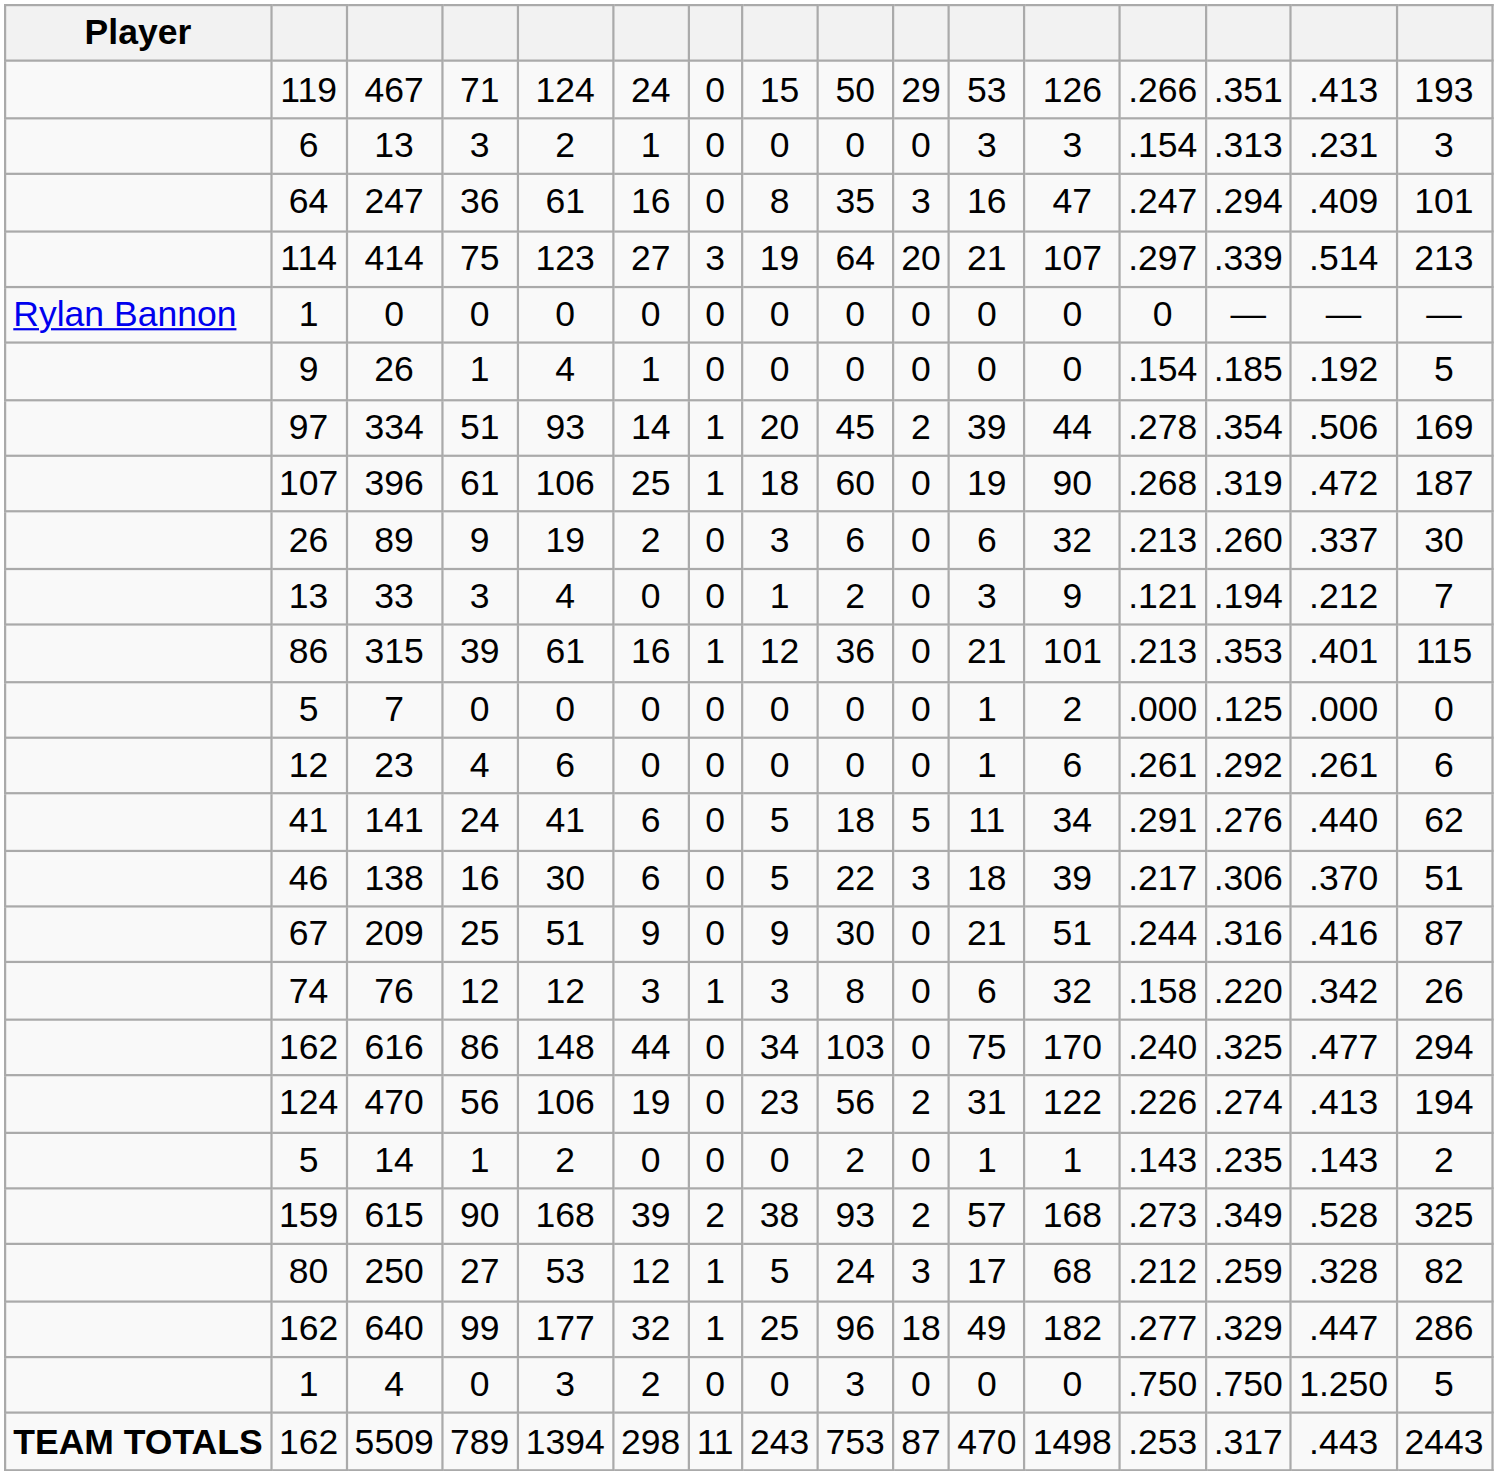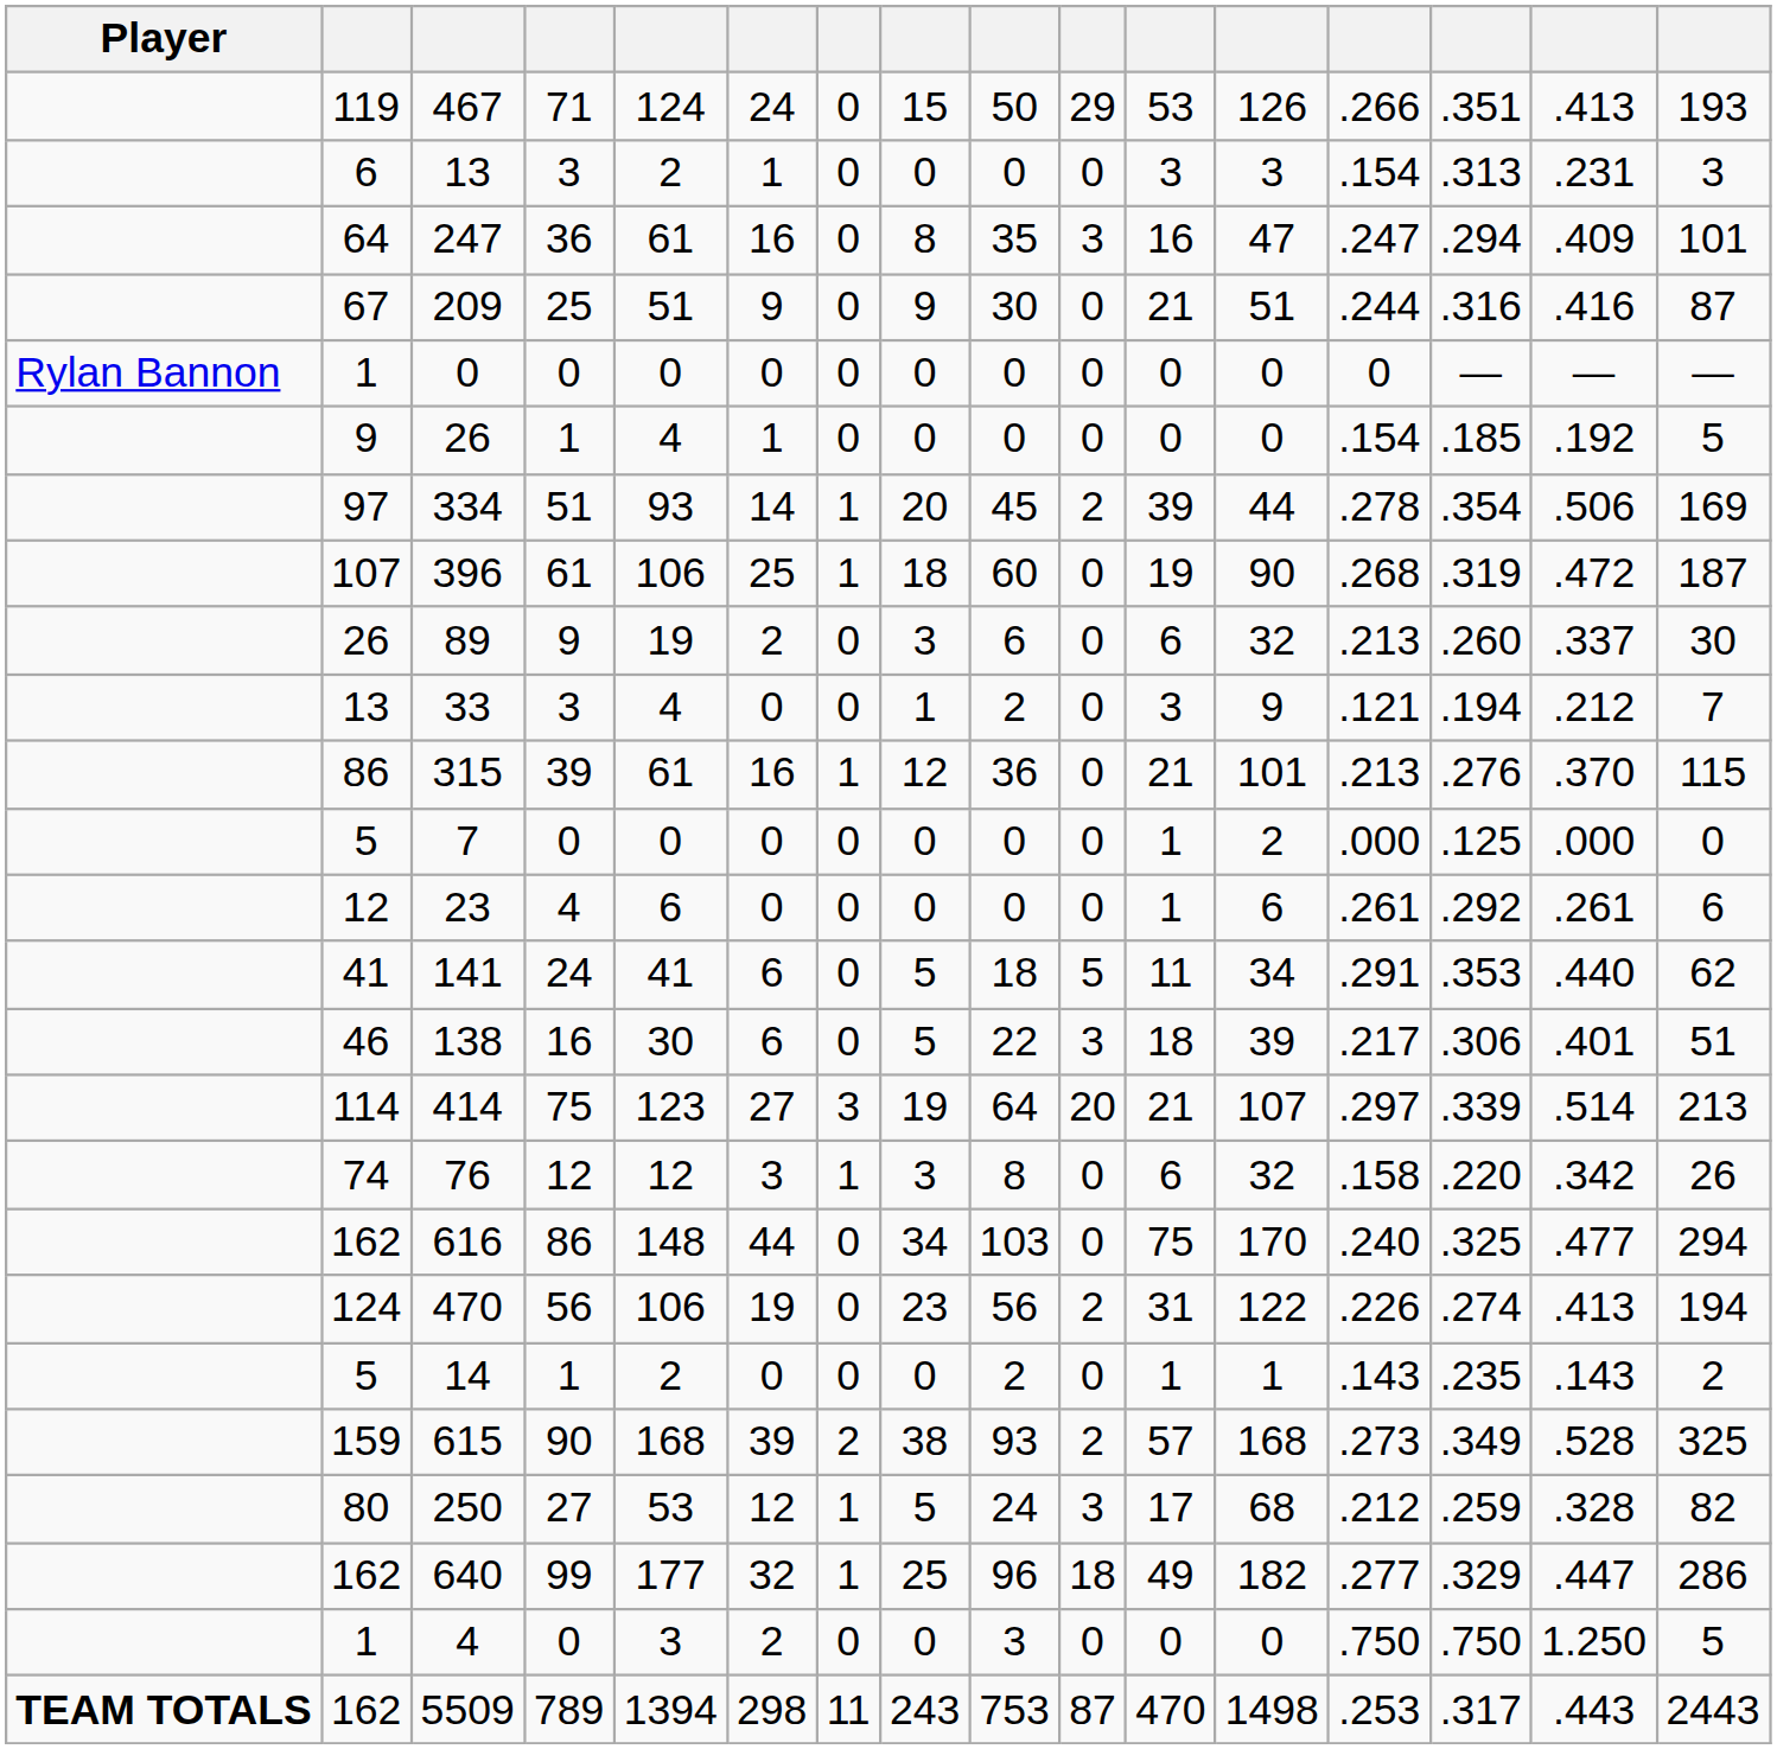 <table class="wikitable sortable" style="text-align:center;">
 <tr>
 <th>Player</th>
 <th></th>
 <th></th>
 <th></th>
 <th></th>
 <th></th>
 <th></th>
 <th></th>
 <th></th>
 <th></th>
 <th></th>
 <th></th>
 <th></th>
 <th></th>
 <th></th>
 <th></th>
 </tr>
 <tr>
 <td align=left><strong></strong></td>
 <td>119</td>
 <td>467</td>
 <td>71</td>
 <td>124</td>
 <td>24</td>
 <td>0</td>
 <td>15</td>
 <td>50</td>
 <td>29</td>
 <td>53</td>
 <td>126</td>
 <td>.266</td>
 <td>.351</td>
 <td>.413</td>
 <td>193</td>
 </tr>
 <tr>
 <td align=left></td>
 <td>6</td>
 <td>13</td>
 <td>3</td>
 <td>2</td>
 <td>1</td>
 <td>0</td>
 <td>0</td>
 <td>0</td>
 <td>0</td>
 <td>3</td>
 <td>3</td>
 <td>.154</td>
 <td>.313</td>
 <td>.231</td>
 <td>3</td>
 </tr>
 <tr>
 <td align="left"></td>
 <td>64</td>
 <td>247</td>
 <td>36</td>
 <td>61</td>
 <td>16</td>
 <td>0</td>
 <td>8</td>
 <td>35</td>
 <td>3</td>
 <td>16</td>
 <td>47</td>
 <td>.247</td>
 <td>.294</td>
 <td>.409</td>
 <td>101</td>
 </tr>
 <tr>
 <td align="left"><strong></strong></td>
-<td>114</td>
-<td>414</td>
-<td>75</td>
-<td>123</td>
-<td>27</td>
-<td>3</td>
-<td>19</td>
-<td>64</td>
-<td>20</td>
+<td>67</td>
+<td>209</td>
+<td>25</td>
+<td>51</td>
+<td>9</td>
+<td>0</td>
+<td>9</td>
+<td>30</td>
+<td>0</td>
 <td>21</td>
-<td>107</td>
-<td>.297</td>
-<td>.339</td>
-<td>.514</td>
-<td>213</td>
+<td>51</td>
+<td>.244</td>
+<td>.316</td>
+<td>.416</td>
+<td>87</td>
 </tr>
 <tr>
 <td align=left><a href='#'>Rylan Bannon</a></td>
 <td>1</td>
 <td>0</td>
 <td>0</td>
 <td>0</td>
 <td>0</td>
 <td>0</td>
 <td>0</td>
 <td>0</td>
 <td>0</td>
 <td>0</td>
 <td>0</td>
 <td>0</td>
 <td>—</td>
 <td>—</td>
 <td>—</td>
 </tr>
 <tr>
 <td align="left"></td>
 <td>9</td>
 <td>26</td>
 <td>1</td>
 <td>4</td>
 <td>1</td>
 <td>0</td>
 <td>0</td>
 <td>0</td>
 <td>0</td>
 <td>0</td>
 <td>0</td>
 <td>.154</td>
 <td>.185</td>
 <td>.192</td>
 <td>5</td>
 </tr>
 <tr>
 <td align="left"><strong></strong></td>
 <td>97</td>
 <td>334</td>
 <td>51</td>
 <td>93</td>
 <td>14</td>
 <td>1</td>
 <td>20</td>
 <td>45</td>
 <td>2</td>
 <td>39</td>
 <td>44</td>
 <td>.278</td>
 <td>.354</td>
 <td>.506</td>
 <td>169</td>
 </tr>
 <tr>
 <td align="left"><strong></strong></td>
 <td>107</td>
 <td>396</td>
 <td>61</td>
 <td>106</td>
 <td>25</td>
 <td>1</td>
 <td>18</td>
 <td>60</td>
 <td>0</td>
 <td>19</td>
 <td>90</td>
 <td>.268</td>
 <td>.319</td>
 <td>.472</td>
 <td>187</td>
 </tr>
 <tr>
 <td align=left></td>
 <td>26</td>
 <td>89</td>
 <td>9</td>
 <td>19</td>
 <td>2</td>
 <td>0</td>
 <td>3</td>
 <td>6</td>
 <td>0</td>
 <td>6</td>
 <td>32</td>
 <td>.213</td>
 <td>.260</td>
 <td>.337</td>
 <td>30</td>
 </tr>
 <tr>
 <td align=left></td>
 <td>13</td>
 <td>33</td>
 <td>3</td>
 <td>4</td>
 <td>0</td>
 <td>0</td>
 <td>1</td>
 <td>2</td>
 <td>0</td>
 <td>3</td>
 <td>9</td>
 <td>.121</td>
 <td>.194</td>
 <td>.212</td>
 <td>7</td>
 </tr>
 <tr>
 <td align=left><strong></strong></td>
 <td>86</td>
 <td>315</td>
 <td>39</td>
 <td>61</td>
 <td>16</td>
 <td>1</td>
 <td>12</td>
 <td>36</td>
 <td>0</td>
 <td>21</td>
 <td>101</td>
 <td>.213</td>
-<td>.353</td>
-<td>.401</td>
+<td>.276</td>
+<td>.370</td>
 <td>115</td>
 </tr>
 <tr>
 <td align=left></td>
 <td>5</td>
 <td>7</td>
 <td>0</td>
 <td>0</td>
 <td>0</td>
 <td>0</td>
 <td>0</td>
 <td>0</td>
 <td>0</td>
 <td>1</td>
 <td>2</td>
 <td>.000</td>
 <td>.125</td>
 <td>.000</td>
 <td>0</td>
 </tr>
 <tr>
 <td align=left></td>
 <td>12</td>
 <td>23</td>
 <td>4</td>
 <td>6</td>
 <td>0</td>
 <td>0</td>
 <td>0</td>
 <td>0</td>
 <td>0</td>
 <td>1</td>
 <td>6</td>
 <td>.261</td>
 <td>.292</td>
 <td>.261</td>
 <td>6</td>
 </tr>
 <tr>
 <td align=left><strong></strong></td>
 <td>41</td>
 <td>141</td>
 <td>24</td>
 <td>41</td>
 <td>6</td>
 <td>0</td>
 <td>5</td>
 <td>18</td>
 <td>5</td>
 <td>11</td>
 <td>34</td>
 <td>.291</td>
-<td>.276</td>
+<td>.353</td>
 <td>.440</td>
 <td>62</td>
 </tr>
 <tr>
 <td align=left><strong></strong></td>
 <td>46</td>
 <td>138</td>
 <td>16</td>
 <td>30</td>
 <td>6</td>
 <td>0</td>
 <td>5</td>
 <td>22</td>
 <td>3</td>
 <td>18</td>
 <td>39</td>
 <td>.217</td>
 <td>.306</td>
-<td>.370</td>
+<td>.401</td>
 <td>51</td>
 </tr>
 <tr>
 <td align="left"><strong></strong></td>
-<td>67</td>
-<td>209</td>
-<td>25</td>
-<td>51</td>
-<td>9</td>
-<td>0</td>
-<td>9</td>
-<td>30</td>
-<td>0</td>
+<td>114</td>
+<td>414</td>
+<td>75</td>
+<td>123</td>
+<td>27</td>
+<td>3</td>
+<td>19</td>
+<td>64</td>
+<td>20</td>
 <td>21</td>
-<td>51</td>
-<td>.244</td>
-<td>.316</td>
-<td>.416</td>
-<td>87</td>
+<td>107</td>
+<td>.297</td>
+<td>.339</td>
+<td>.514</td>
+<td>213</td>
 </tr>
 <tr>
 <td align="left"><strong></strong></td>
 <td>74</td>
 <td>76</td>
 <td>12</td>
 <td>12</td>
 <td>3</td>
 <td>1</td>
 <td>3</td>
 <td>8</td>
 <td>0</td>
 <td>6</td>
 <td>32</td>
 <td>.158</td>
 <td>.220</td>
 <td>.342</td>
 <td>26</td>
 </tr>
 <tr>
 <td align="left"><strong></strong></td>
 <td>162</td>
 <td>616</td>
 <td>86</td>
 <td>148</td>
 <td>44</td>
 <td>0</td>
 <td>34</td>
 <td>103</td>
 <td>0</td>
 <td>75</td>
 <td>170</td>
 <td>.240</td>
 <td>.325</td>
 <td>.477</td>
 <td>294</td>
 </tr>
 <tr>
 <td align="left"><strong></strong></td>
 <td>124</td>
 <td>470</td>
 <td>56</td>
 <td>106</td>
 <td>19</td>
 <td>0</td>
 <td>23</td>
 <td>56</td>
 <td>2</td>
 <td>31</td>
 <td>122</td>
 <td>.226</td>
 <td>.274</td>
 <td>.413</td>
 <td>194</td>
 </tr>
 <tr>
 <td align=left></td>
 <td>5</td>
 <td>14</td>
 <td>1</td>
 <td>2</td>
 <td>0</td>
 <td>0</td>
 <td>0</td>
 <td>2</td>
 <td>0</td>
 <td>1</td>
 <td>1</td>
 <td>.143</td>
 <td>.235</td>
 <td>.143</td>
 <td>2</td>
 </tr>
 <tr>
 <td align=left><strong></strong></td>
 <td>159</td>
 <td>615</td>
 <td>90</td>
 <td>168</td>
 <td>39</td>
 <td>2</td>
 <td>38</td>
 <td>93</td>
 <td>2</td>
 <td>57</td>
 <td>168</td>
 <td>.273</td>
 <td>.349</td>
 <td>.528</td>
 <td>325</td>
 </tr>
 <tr>
 <td align=left><strong></strong></td>
 <td>80</td>
 <td>250</td>
 <td>27</td>
 <td>53</td>
 <td>12</td>
 <td>1</td>
 <td>5</td>
 <td>24</td>
 <td>3</td>
 <td>17</td>
 <td>68</td>
 <td>.212</td>
 <td>.259</td>
 <td>.328</td>
 <td>82</td>
 </tr>
 <tr>
 <td align=left><strong></strong></td>
 <td>162</td>
 <td>640</td>
 <td>99</td>
 <td>177</td>
 <td>32</td>
 <td>1</td>
 <td>25</td>
 <td>96</td>
 <td>18</td>
 <td>49</td>
 <td>182</td>
 <td>.277</td>
 <td>.329</td>
 <td>.447</td>
 <td>286</td>
 </tr>
 <tr>
 <td align=left></td>
 <td>1</td>
 <td>4</td>
 <td>0</td>
 <td>3</td>
 <td>2</td>
 <td>0</td>
 <td>0</td>
 <td>3</td>
 <td>0</td>
 <td>0</td>
 <td>0</td>
 <td>.750</td>
 <td>.750</td>
 <td>1.250</td>
 <td>5</td>
 </tr>
 <tr class="sortbottom">
 <td align="left"><strong>TEAM TOTALS</strong></td>
 <td>162</td>
 <td>5509</td>
 <td>789</td>
 <td>1394</td>
 <td>298</td>
 <td>11</td>
 <td>243</td>
 <td>753</td>
 <td>87</td>
 <td>470</td>
 <td>1498</td>
 <td>.253</td>
 <td>.317</td>
 <td>.443</td>
 <td>2443</td>
 </tr>
 </table>
